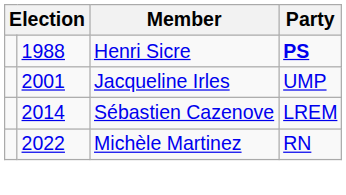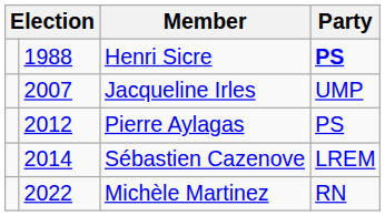 <table class="wikitable">
 <tr>
 <th colspan=2>Election</th>
 <th>Member</th>
 <th>Party</th>
 </tr>
 <tr>
 <td style="background-color: "></td>
 <td><a href='#'>1988</a></td>
 <td><a href='#'>Henri Sicre</a></td>
 <td><strong><a href='#'>PS</a></strong></td>
 </tr>
 <tr>
 <td style="background-color: "></td>
-<td><a href='#'>2001</a></td>
+<td><a href='#'>2007</a></td>
 <td><a href='#'>Jacqueline Irles</a></td>
 <td><a href='#'>UMP</a></td>
+</tr>
+<tr>
+<td style="background-color: "></td>
+<td><a href='#'>2012</a></td>
+<td><a href='#'>Pierre Aylagas</a></td>
+<td><a href='#'>PS</a></td>
 </tr>
 <tr>
 <td style="background-color: "></td>
 <td><a href='#'>2014</a></td>
 <td><a href='#'>Sébastien Cazenove</a></td>
 <td><a href='#'>LREM</a></td>
 </tr>
 <tr>
 <td style="background-color: "></td>
 <td><a href='#'>2022</a></td>
 <td><a href='#'>Michèle Martinez</a></td>
 <td><a href='#'>RN</a></td>
 </tr>
 </table>
